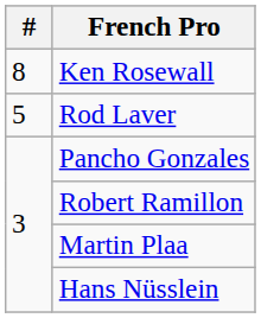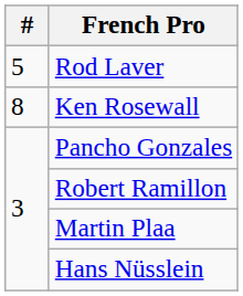 <table class=wikitable style="display:inline-table;">
 <tr>
 <th width=20>#</th>
 <th>French Pro</th>
 </tr>
 <tr>
+<td>5</td>
+<td> <a href='#'>Rod Laver</a></td>
+</tr>
+<tr>
 <td>8</td>
 <td> <a href='#'>Ken Rosewall</a></td>
-</tr>
-<tr>
-<td>5</td>
-<td> <a href='#'>Rod Laver</a></td>
 </tr>
 <tr>
 <td rowspan="4">3</td>
 <td> <a href='#'>Pancho Gonzales</a></td>
 </tr>
 <tr>
 <td> <a href='#'>Robert Ramillon</a></td>
 </tr>
 <tr>
 <td> <a href='#'>Martin Plaa</a></td>
 </tr>
 <tr>
 <td> <a href='#'>Hans Nüsslein</a></td>
 </tr>
 </table>
